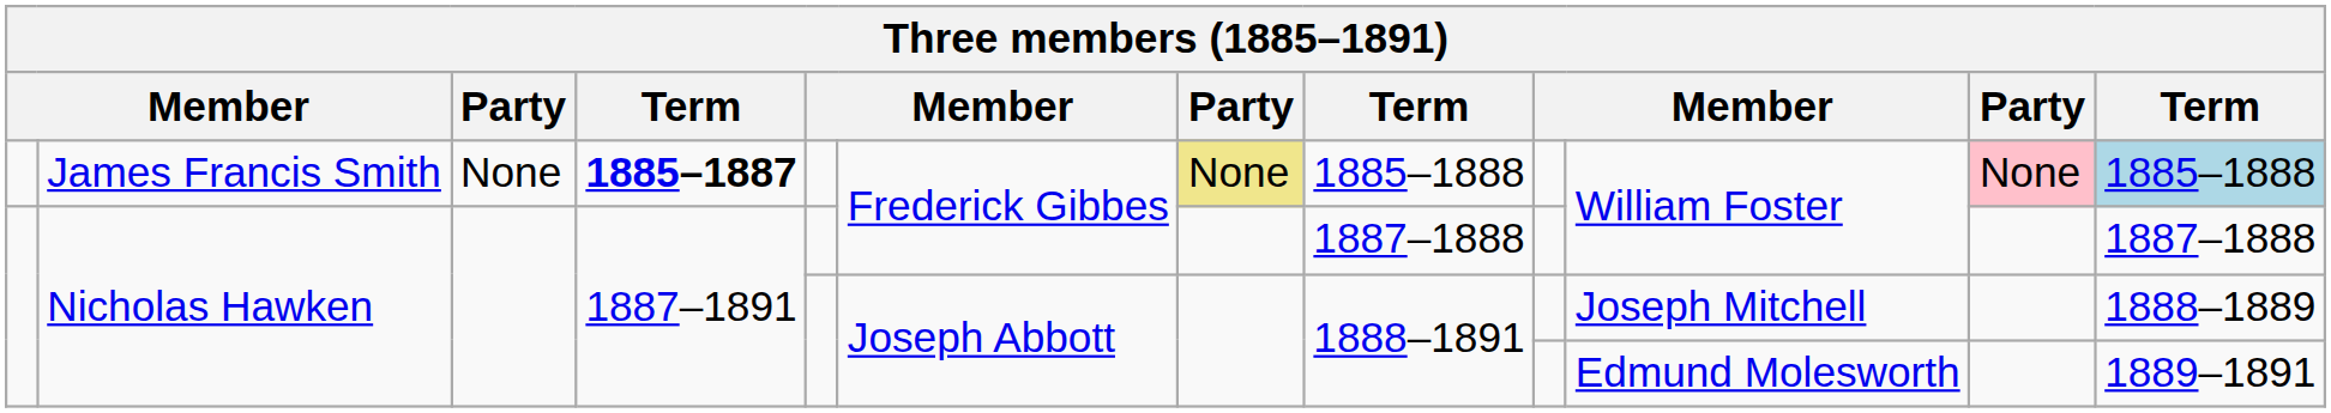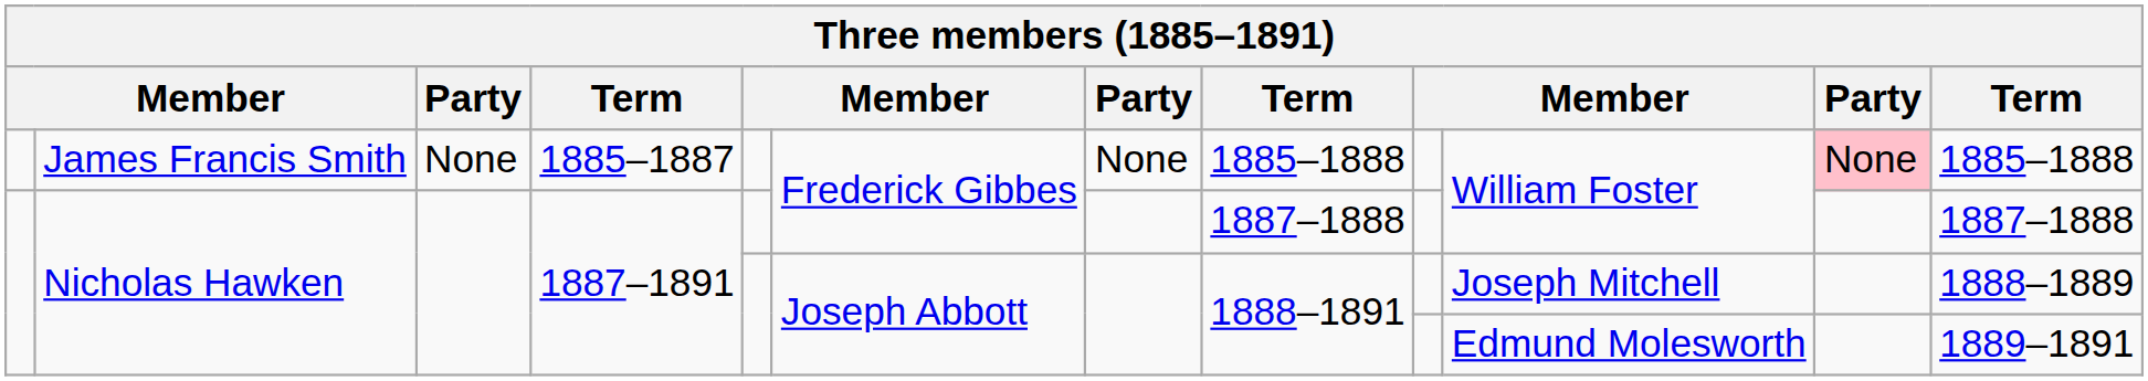 <table class="wikitable">
 <tr>
 <th colspan="12">Three members (1885–1891)</th>
 </tr>
 <tr>
 <th colspan="2">Member</th>
 <th>Party</th>
 <th>Term</th>
 <th colspan="2">Member</th>
 <th>Party</th>
 <th>Term</th>
 <th colspan="2">Member</th>
 <th>Party</th>
 <th>Term</th>
 </tr>
 <tr>
 <td> </td>
 <td><a href='#'>James Francis Smith</a></td>
 <td>None</td>
-<td><strong><a href='#'>1885</a>–1887</strong></td>
+<td><a href='#'>1885</a>–1887</td>
 <td> </td>
 <td rowspan="2"><a href='#'>Frederick Gibbes</a></td>
-<td style="background: khaki;">None</td>
+<td>None</td>
 <td><a href='#'>1885</a>–1888</td>
 <td> </td>
 <td rowspan="2"><a href='#'>William Foster</a></td>
 <td style="background: pink;">None</td>
-<td style="background: lightblue;"><a href='#'>1885</a>–1888</td>
+<td><a href='#'>1885</a>–1888</td>
 </tr>
 <tr>
 <td rowspan="3" > </td>
 <td rowspan="3"><a href='#'>Nicholas Hawken</a></td>
 <td rowspan="3"></td>
 <td rowspan="3"><a href='#'>1887</a>–1891</td>
 <td> </td>
 <td></td>
 <td><a href='#'>1887</a>–1888</td>
 <td> </td>
 <td></td>
 <td><a href='#'>1887</a>–1888</td>
 </tr>
 <tr>
 <td rowspan="2" > </td>
 <td rowspan="2"><a href='#'>Joseph Abbott</a></td>
 <td rowspan="2"></td>
 <td rowspan="2"><a href='#'>1888</a>–1891</td>
 <td> </td>
 <td><a href='#'>Joseph Mitchell</a></td>
 <td></td>
 <td><a href='#'>1888</a>–1889</td>
 </tr>
 <tr>
 <td> </td>
 <td><a href='#'>Edmund Molesworth</a></td>
 <td></td>
 <td><a href='#'>1889</a>–1891</td>
 </tr>
 </table>
